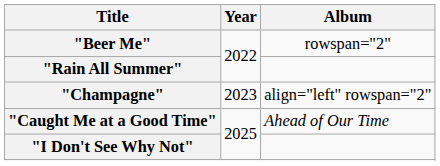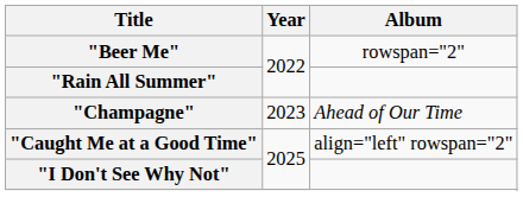 <table class="wikitable plainrowheaders" style="text-align:center;">
 <tr>
 <th scope="col">Title</th>
 <th scope="col">Year</th>
 <th scope="col">Album</th>
 </tr>
 <tr>
 <th scope="row">"Beer Me"</th>
 <td rowspan="2">2022</td>
 <td>rowspan="2" </td>
 </tr>
 <tr>
 <th scope="row">"Rain All Summer"</th>
 </tr>
 <tr>
 <th scope="row">"Champagne"</th>
 <td>2023</td>
-<td>align="left" rowspan="2" </td>
+<td align="left"><em>Ahead of Our Time</em></td>
 </tr>
 <tr>
 <th scope="row">"Caught Me at a Good Time"</th>
 <td rowspan="2">2025</td>
-<td align="left"><em>Ahead of Our Time</em></td>
+<td>align="left" rowspan="2" </td>
 </tr>
 <tr>
 <th scope="row">"I Don't See Why Not"</th>
 </tr>
 <tr>
 </tr>
 </table>
